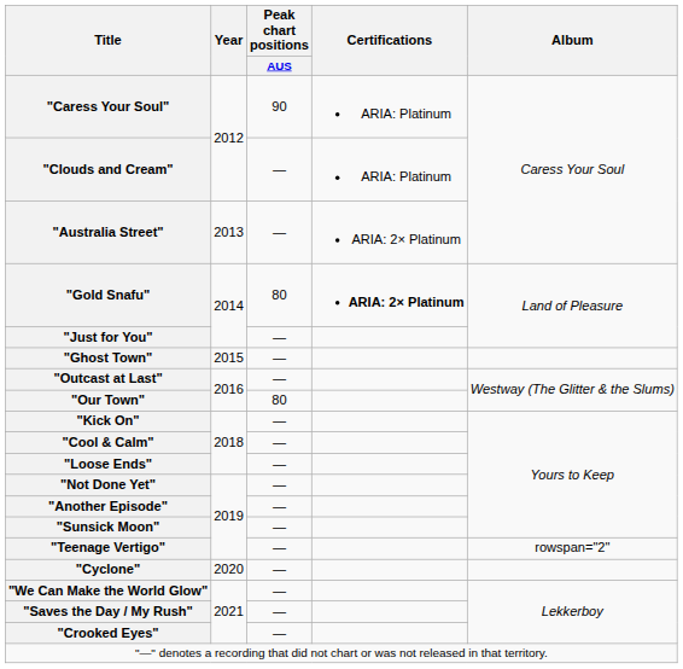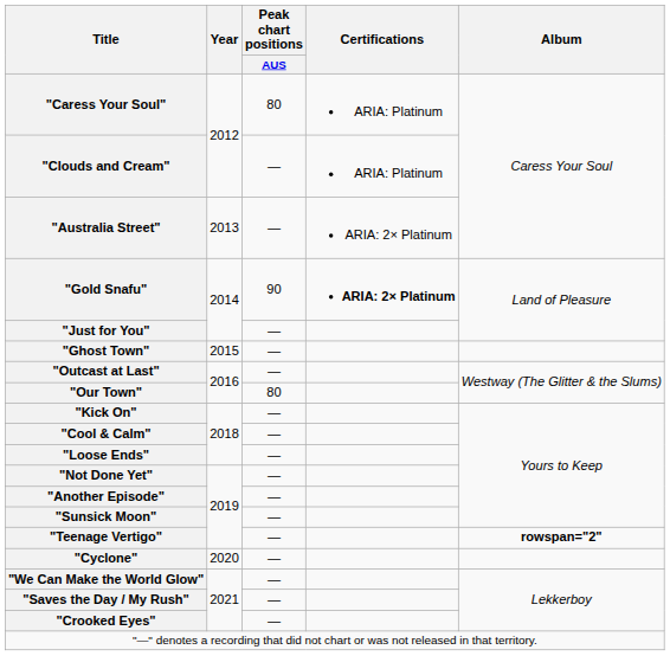 <table class="wikitable plainrowheaders" style="text-align:center;">
 <tr>
 <th scope="col" rowspan="2">Title</th>
 <th scope="col" rowspan="2">Year</th>
 <th scope="col" colspan="1">Peak chart positions</th>
 <th scope="col" rowspan="2">Certifications</th>
 <th scope="col" rowspan="2">Album</th>
 </tr>
 <tr>
 <th scope="col" style="width:3em;font-size:88%;"><a href='#'>AUS</a><br></th>
 </tr>
 <tr>
 <th scope="row">"Caress Your Soul"</th>
 <td rowspan="2">2012</td>
-<td>90</td>
+<td>80</td>
 <td><br><ul><li>ARIA: Platinum</li></ul></td>
 <td rowspan="3"><em>Caress Your Soul</em></td>
 </tr>
 <tr>
 <th scope="row">"Clouds and Cream"</th>
 <td>—</td>
 <td><br><ul><li>ARIA: Platinum</li></ul></td>
 </tr>
 <tr>
 <th scope="row">"Australia Street"</th>
 <td>2013</td>
 <td>—</td>
 <td><br><ul><li>ARIA: 2× Platinum</li></ul></td>
 </tr>
 <tr>
 <th scope="row">"Gold Snafu"</th>
 <td rowspan="2">2014</td>
-<td>80</td>
+<td>90</td>
 <td><strong><br><ul><li>ARIA: 2× Platinum</li></ul></strong></td>
 <td rowspan="2"><em>Land of Pleasure</em></td>
 </tr>
 <tr>
 <th scope="row">"Just for You"</th>
 <td>—</td>
 <td></td>
 </tr>
 <tr>
 <th scope="row">"Ghost Town"</th>
 <td>2015</td>
 <td>—</td>
 <td></td>
 <td></td>
 </tr>
 <tr>
 <th scope="row">"Outcast at Last"</th>
 <td rowspan="2">2016</td>
 <td>—</td>
 <td></td>
 <td rowspan="2"><em>Westway (The Glitter & the Slums)</em></td>
 </tr>
 <tr>
 <th scope="row">"Our Town"</th>
 <td>80</td>
 <td></td>
 </tr>
 <tr>
 <th scope="row">"Kick On"</th>
 <td rowspan="3">2018</td>
 <td>—</td>
 <td></td>
 <td rowspan="6"><em>Yours to Keep</em></td>
 </tr>
 <tr>
 <th scope="row">"Cool & Calm"</th>
 <td>—</td>
 <td></td>
 </tr>
 <tr>
 <th scope="row">"Loose Ends"</th>
 <td>—</td>
 <td></td>
 </tr>
 <tr>
 <th scope="row">"Not Done Yet"</th>
 <td rowspan="4">2019</td>
 <td>—</td>
 <td></td>
 </tr>
 <tr>
 <th scope="row">"Another Episode"</th>
 <td>—</td>
 <td></td>
 </tr>
 <tr>
 <th scope="row">"Sunsick Moon"</th>
 <td>—</td>
 <td></td>
 </tr>
 <tr>
 <th scope="row">"Teenage Vertigo"</th>
 <td>—</td>
 <td></td>
-<td>rowspan="2" </td>
+<td><strong>rowspan="2" </strong></td>
 </tr>
 <tr>
 <th scope="row">"Cyclone"</th>
 <td>2020</td>
 <td>—</td>
 <td></td>
 </tr>
 <tr>
 <th scope="row">"We Can Make the World Glow"</th>
 <td rowspan="3">2021</td>
 <td>—</td>
 <td></td>
 <td rowspan="3"><em>Lekkerboy</em></td>
 </tr>
 <tr>
 <th scope="row">"Saves the Day / My Rush"</th>
 <td>—</td>
 <td></td>
 </tr>
 <tr>
 <th scope="row">"Crooked Eyes"</th>
 <td>—</td>
 <td></td>
 </tr>
 <tr>
 <td colspan="14" style="font-size:90%">"—" denotes a recording that did not chart or was not released in that territory.</td>
 </tr>
 </table>
